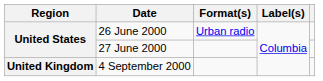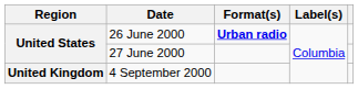 <table class="wikitable plainrowheaders">
 <tr>
 <th scope="col">Region</th>
 <th scope="col">Date</th>
 <th scope="col">Format(s)</th>
 <th scope="col">Label(s)</th>
 <th scope="col"></th>
 </tr>
 <tr>
 <th scope="row" rowspan="2">United States</th>
 <td>26 June 2000</td>
-<td><a href='#'>Urban radio</a></td>
+<td><strong><a href='#'>Urban radio</a></strong></td>
 <td rowspan="3"><a href='#'>Columbia</a></td>
 <td></td>
 </tr>
 <tr>
 <td>27 June 2000</td>
 <td></td>
 <td></td>
 </tr>
 <tr>
 <th scope="row">United Kingdom</th>
 <td>4 September 2000</td>
 <td></td>
 <td></td>
 </tr>
 </table>
